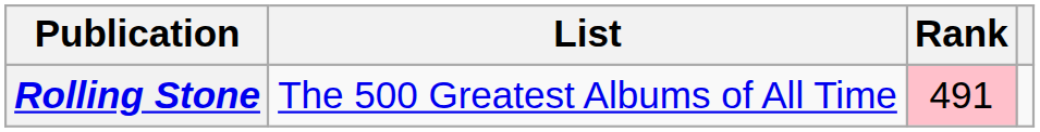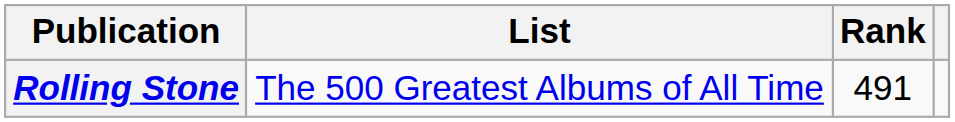 <table class="sortable wikitable plainrowheaders">
 <tr>
 <th>Publication</th>
 <th>List</th>
 <th>Rank</th>
 <th class="unsortable"></th>
 </tr>
 <tr>
 <th scope="row"><em><a href='#'>Rolling Stone</a></em></th>
 <td><a href='#'>The 500 Greatest Albums of All Time</a></td>
-<td style="background: pink; text-align: center;">491</td>
+<td style="text-align: center;">491</td>
 <td></td>
 </tr>
 </table>
